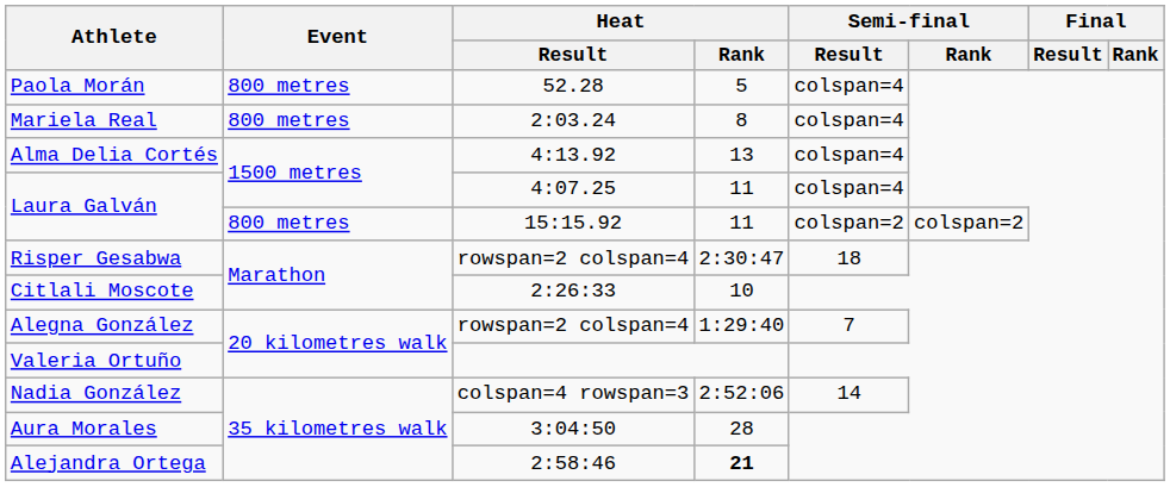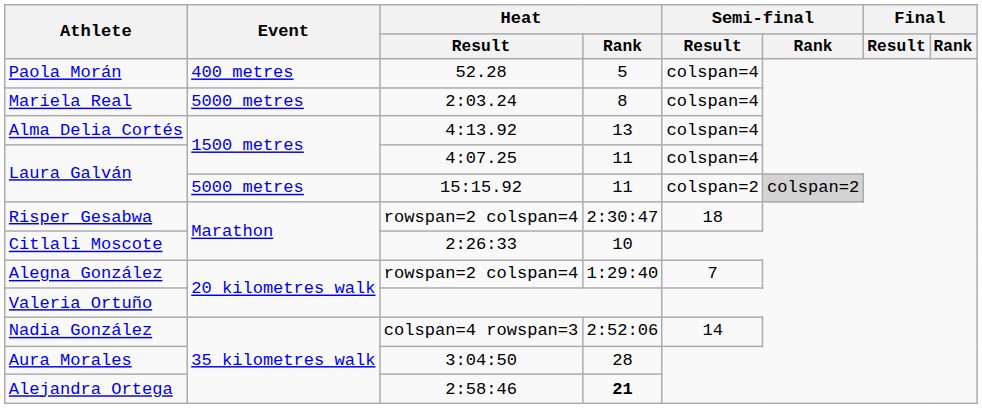 <table class="wikitable" style="font-size:90%">
 <tr>
 <th rowspan="2">Athlete</th>
 <th rowspan="2">Event</th>
 <th colspan="2">Heat</th>
 <th colspan="2">Semi-final</th>
 <th colspan="2">Final</th>
 </tr>
 <tr style="font-size:95%">
 <th>Result</th>
 <th>Rank</th>
 <th>Result</th>
 <th>Rank</th>
 <th>Result</th>
 <th>Rank</th>
 </tr>
 <tr align=center>
 <td align=left><a href='#'>Paola Morán</a></td>
-<td align=left><a href='#'>800 metres</a></td>
+<td align=left><a href='#'>400 metres</a></td>
 <td>52.28</td>
 <td>5</td>
 <td>colspan=4 </td>
 </tr>
 <tr align=center>
 <td align=left><a href='#'>Mariela Real</a></td>
-<td align=left><a href='#'>800 metres</a></td>
+<td align=left><a href='#'>5000 metres</a></td>
 <td>2:03.24</td>
 <td>8</td>
 <td>colspan=4 </td>
 </tr>
 <tr align=center>
 <td align=left><a href='#'>Alma Delia Cortés</a></td>
 <td align=left rowspan=2><a href='#'>1500 metres</a></td>
 <td>4:13.92</td>
 <td>13</td>
 <td>colspan=4 </td>
 </tr>
 <tr align=center>
 <td align=left rowspan=2><a href='#'>Laura Galván</a></td>
 <td>4:07.25</td>
 <td>11</td>
 <td>colspan=4 </td>
 </tr>
 <tr align=center>
-<td align=left><a href='#'>800 metres</a></td>
+<td align=left><a href='#'>5000 metres</a></td>
 <td>15:15.92</td>
 <td>11</td>
 <td>colspan=2 </td>
-<td>colspan=2 </td>
+<td style="background: lightgrey;">colspan=2 </td>
 </tr>
 <tr align=center>
 <td align=left><a href='#'>Risper Gesabwa</a></td>
 <td align=left rowspan=2><a href='#'>Marathon</a></td>
 <td>rowspan=2 colspan=4 </td>
 <td>2:30:47 </td>
 <td>18</td>
 </tr>
 <tr align=center>
 <td align=left><a href='#'>Citlali Moscote</a></td>
 <td>2:26:33</td>
 <td>10</td>
 </tr>
 <tr align=center>
 <td align=left><a href='#'>Alegna González</a></td>
 <td align=left rowspan=2><a href='#'>20 kilometres walk</a></td>
 <td>rowspan=2 colspan=4 </td>
 <td>1:29:40 </td>
 <td>7</td>
 </tr>
 <tr align=center>
 <td align=left><a href='#'>Valeria Ortuño</a></td>
 <td colspan=2></td>
 </tr>
 <tr align=center>
 <td align=left><a href='#'>Nadia González</a></td>
 <td rowspan=3 align=left><a href='#'>35 kilometres walk</a></td>
 <td>colspan=4 rowspan=3 </td>
 <td>2:52:06 <strong></strong></td>
 <td>14</td>
 </tr>
 <tr align=center>
 <td align=left><a href='#'>Aura Morales</a></td>
 <td>3:04:50</td>
 <td>28</td>
 </tr>
 <tr align=center>
 <td align=left><a href='#'>Alejandra Ortega</a></td>
 <td>2:58:46</td>
 <td><strong>21</strong></td>
 </tr>
 </table>
